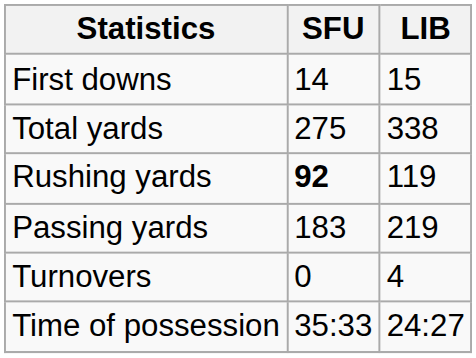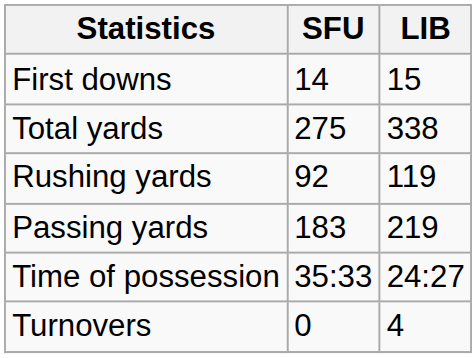 <table class="wikitable">
 <tr>
 <th>Statistics</th>
 <th>SFU</th>
 <th>LIB</th>
 </tr>
 <tr>
 <td>First downs</td>
 <td>14</td>
 <td>15</td>
 </tr>
 <tr>
 <td>Total yards</td>
 <td>275</td>
 <td>338</td>
 </tr>
 <tr>
 <td>Rushing yards</td>
-<td><strong>92</strong></td>
+<td>92</td>
 <td>119</td>
 </tr>
 <tr>
 <td>Passing yards</td>
 <td>183</td>
 <td>219</td>
 </tr>
 <tr>
+<td>Time of possession</td>
+<td>35:33</td>
+<td>24:27</td>
+</tr>
+<tr>
 <td>Turnovers</td>
 <td>0</td>
 <td>4</td>
 </tr>
 <tr>
-<td>Time of possession</td>
-<td>35:33</td>
-<td>24:27</td>
-</tr>
-<tr>
 </tr>
 </table>
